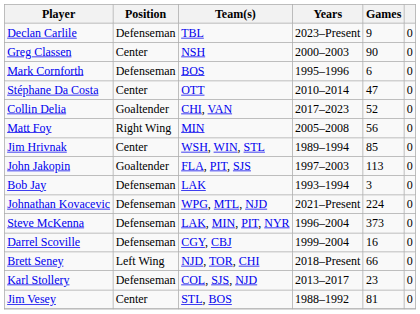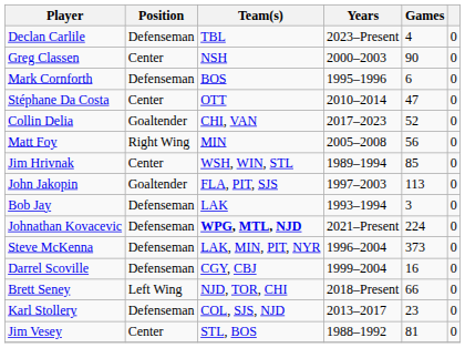 <table class="wikitable sortable">
 <tr>
 <th>Player</th>
 <th>Position</th>
 <th>Team(s)</th>
 <th>Years</th>
 <th>Games</th>
 <th><a href='#'></a></th>
 </tr>
 <tr>
 <td><a href='#'>Declan Carlile</a></td>
 <td>Defenseman</td>
 <td><a href='#'>TBL</a></td>
 <td>2023–Present</td>
-<td>9</td>
+<td>4</td>
 <td>0</td>
 </tr>
 <tr>
 <td><a href='#'>Greg Classen</a></td>
 <td>Center</td>
 <td><a href='#'>NSH</a></td>
 <td>2000–2003</td>
 <td>90</td>
 <td>0</td>
 </tr>
 <tr>
 <td><a href='#'>Mark Cornforth</a></td>
 <td>Defenseman</td>
 <td><a href='#'>BOS</a></td>
 <td>1995–1996</td>
 <td>6</td>
 <td>0</td>
 </tr>
 <tr>
 <td><a href='#'>Stéphane Da Costa</a></td>
 <td>Center</td>
 <td><a href='#'>OTT</a></td>
 <td>2010–2014</td>
 <td>47</td>
 <td>0</td>
 </tr>
 <tr>
 <td><a href='#'>Collin Delia</a></td>
 <td>Goaltender</td>
 <td><a href='#'>CHI</a>, <a href='#'>VAN</a></td>
 <td>2017–2023</td>
 <td>52</td>
 <td>0</td>
 </tr>
 <tr>
 <td><a href='#'>Matt Foy</a></td>
 <td>Right Wing</td>
 <td><a href='#'>MIN</a></td>
 <td>2005–2008</td>
 <td>56</td>
 <td>0</td>
 </tr>
 <tr>
 <td><a href='#'>Jim Hrivnak</a></td>
 <td>Center</td>
 <td><a href='#'>WSH</a>, <a href='#'>WIN</a>, <a href='#'>STL</a></td>
 <td>1989–1994</td>
 <td>85</td>
 <td>0</td>
 </tr>
 <tr>
 <td><a href='#'>John Jakopin</a></td>
 <td>Goaltender</td>
 <td><a href='#'>FLA</a>, <a href='#'>PIT</a>, <a href='#'>SJS</a></td>
 <td>1997–2003</td>
 <td>113</td>
 <td>0</td>
 </tr>
 <tr>
 <td><a href='#'>Bob Jay</a></td>
 <td>Defenseman</td>
 <td><a href='#'>LAK</a></td>
 <td>1993–1994</td>
 <td>3</td>
 <td>0</td>
 </tr>
 <tr>
 <td><a href='#'>Johnathan Kovacevic</a></td>
 <td>Defenseman</td>
-<td><a href='#'>WPG</a>, <a href='#'>MTL</a>, <a href='#'>NJD</a></td>
+<td><strong><a href='#'>WPG</a>, <a href='#'>MTL</a>, <a href='#'>NJD</a></strong></td>
 <td>2021–Present</td>
 <td>224</td>
 <td>0</td>
 </tr>
 <tr>
 <td><a href='#'>Steve McKenna</a></td>
 <td>Defenseman</td>
 <td><a href='#'>LAK</a>, <a href='#'>MIN</a>, <a href='#'>PIT</a>, <a href='#'>NYR</a></td>
 <td>1996–2004</td>
 <td>373</td>
 <td>0</td>
 </tr>
 <tr>
 <td><a href='#'>Darrel Scoville</a></td>
 <td>Defenseman</td>
 <td><a href='#'>CGY</a>, <a href='#'>CBJ</a></td>
 <td>1999–2004</td>
 <td>16</td>
 <td>0</td>
 </tr>
 <tr>
 <td><a href='#'>Brett Seney</a></td>
 <td>Left Wing</td>
 <td><a href='#'>NJD</a>, <a href='#'>TOR</a>, <a href='#'>CHI</a></td>
 <td>2018–Present</td>
 <td>66</td>
 <td>0</td>
 </tr>
 <tr>
 <td><a href='#'>Karl Stollery</a></td>
 <td>Defenseman</td>
 <td><a href='#'>COL</a>, <a href='#'>SJS</a>, <a href='#'>NJD</a></td>
 <td>2013–2017</td>
 <td>23</td>
 <td>0</td>
 </tr>
 <tr>
 <td><a href='#'>Jim Vesey</a></td>
 <td>Center</td>
 <td><a href='#'>STL</a>, <a href='#'>BOS</a></td>
 <td>1988–1992</td>
 <td>81</td>
 <td>0</td>
 </tr>
 <tr>
 </tr>
 </table>
